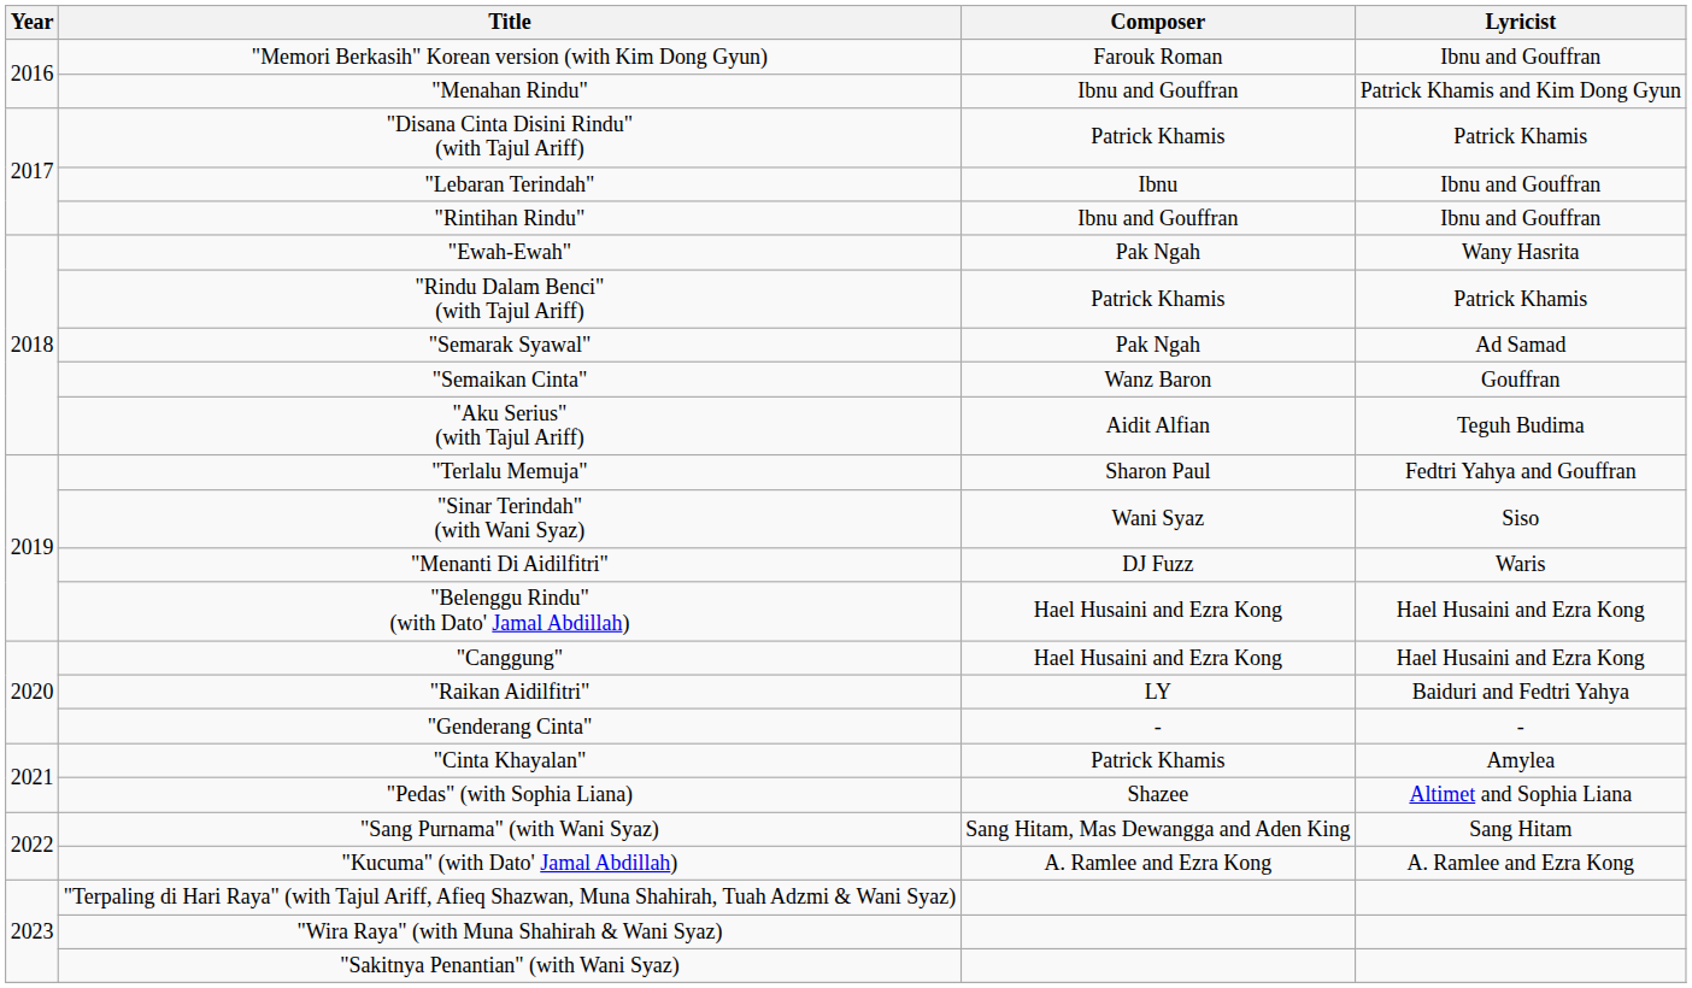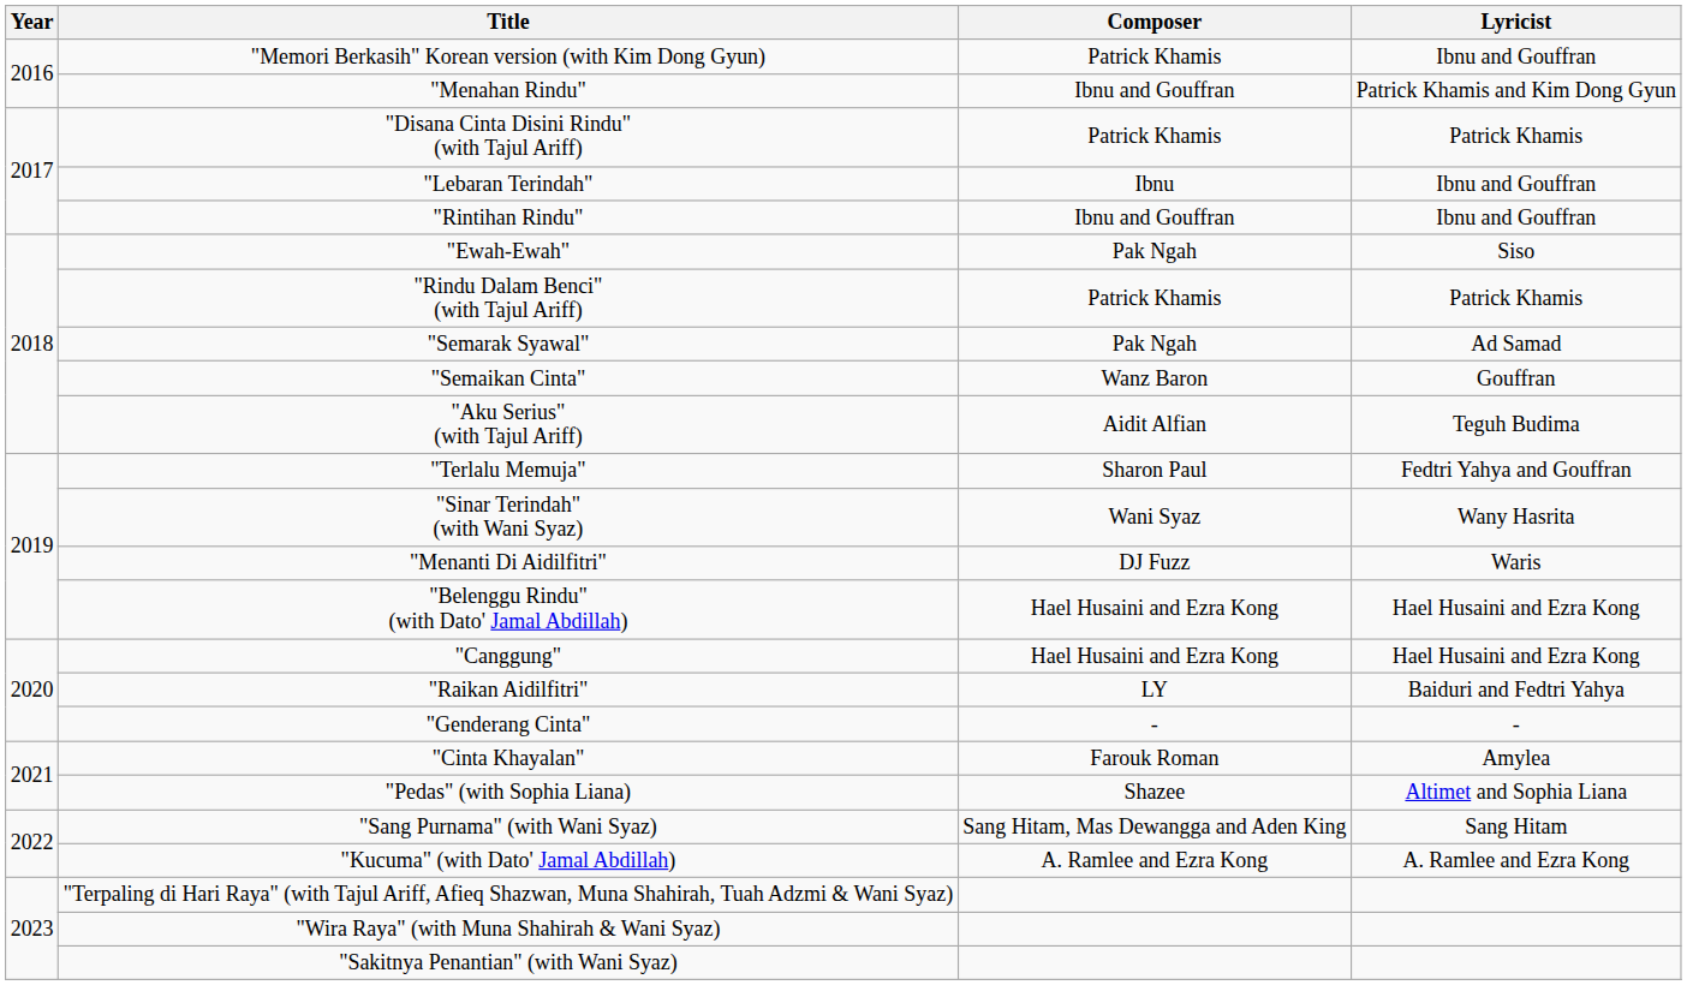 <table class="wikitable plainrowheaders" style="text-align:center;">
 <tr>
 <th>Year</th>
 <th>Title</th>
 <th>Composer</th>
 <th>Lyricist</th>
 </tr>
 <tr>
 <td rowspan="2">2016</td>
 <td>"Memori Berkasih" Korean version (with Kim Dong Gyun)</td>
-<td>Farouk Roman</td>
+<td>Patrick Khamis</td>
 <td>Ibnu and Gouffran</td>
 </tr>
 <tr>
 <td>"Menahan Rindu"</td>
 <td>Ibnu and Gouffran</td>
 <td>Patrick Khamis and Kim Dong Gyun</td>
 </tr>
 <tr>
 <td rowspan="3">2017</td>
 <td>"Disana Cinta Disini Rindu"<br>(with Tajul Ariff)</td>
 <td>Patrick Khamis</td>
 <td>Patrick Khamis</td>
 </tr>
 <tr>
 <td>"Lebaran Terindah"</td>
 <td>Ibnu</td>
 <td>Ibnu and Gouffran</td>
 </tr>
 <tr>
 <td>"Rintihan Rindu"</td>
 <td>Ibnu and Gouffran</td>
 <td>Ibnu and Gouffran</td>
 </tr>
 <tr>
 <td rowspan="5">2018</td>
 <td>"Ewah-Ewah"</td>
 <td>Pak Ngah</td>
-<td>Wany Hasrita</td>
+<td>Siso</td>
 </tr>
 <tr>
 <td>"Rindu Dalam Benci"<br>(with Tajul Ariff)</td>
 <td>Patrick Khamis</td>
 <td>Patrick Khamis</td>
 </tr>
 <tr>
 <td>"Semarak Syawal"</td>
 <td>Pak Ngah</td>
 <td>Ad Samad</td>
 </tr>
 <tr>
 <td>"Semaikan Cinta"</td>
 <td>Wanz Baron</td>
 <td>Gouffran</td>
 </tr>
 <tr>
 <td>"Aku Serius"<br>(with Tajul Ariff)</td>
 <td>Aidit Alfian</td>
 <td>Teguh Budima</td>
 </tr>
 <tr>
 <td rowspan="4">2019</td>
 <td>"Terlalu Memuja"</td>
 <td>Sharon Paul</td>
 <td>Fedtri Yahya and Gouffran</td>
 </tr>
 <tr>
 <td>"Sinar Terindah"<br>(with Wani Syaz)</td>
 <td>Wani Syaz</td>
-<td>Siso</td>
+<td>Wany Hasrita</td>
 </tr>
 <tr>
 <td>"Menanti Di Aidilfitri"</td>
 <td>DJ Fuzz</td>
 <td>Waris</td>
 </tr>
 <tr>
 <td>"Belenggu Rindu"<br>(with Dato' <a href='#'>Jamal Abdillah</a>)</td>
 <td>Hael Husaini and Ezra Kong</td>
 <td>Hael Husaini and Ezra Kong</td>
 </tr>
 <tr>
 <td rowspan="3">2020</td>
 <td>"Canggung"</td>
 <td>Hael Husaini and Ezra Kong</td>
 <td>Hael Husaini and Ezra Kong</td>
 </tr>
 <tr>
 <td>"Raikan Aidilfitri"</td>
 <td>LY</td>
 <td>Baiduri and Fedtri Yahya</td>
 </tr>
 <tr>
 <td>"Genderang Cinta"</td>
 <td>-</td>
 <td>-</td>
 </tr>
 <tr>
 <td rowspan="2">2021</td>
 <td>"Cinta Khayalan"</td>
-<td>Patrick Khamis</td>
+<td>Farouk Roman</td>
 <td>Amylea</td>
 </tr>
 <tr>
 <td>"Pedas" (with Sophia Liana)</td>
 <td>Shazee</td>
 <td><a href='#'>Altimet</a> and Sophia Liana</td>
 </tr>
 <tr>
 <td rowspan="2">2022</td>
 <td>"Sang Purnama" (with Wani Syaz)</td>
 <td>Sang Hitam, Mas Dewangga and Aden King</td>
 <td>Sang Hitam</td>
 </tr>
 <tr>
 <td>"Kucuma" (with Dato' <a href='#'>Jamal Abdillah</a>)</td>
 <td>A. Ramlee and Ezra Kong</td>
 <td>A. Ramlee and Ezra Kong</td>
 </tr>
 <tr>
 <td rowspan="3">2023</td>
 <td>"Terpaling di Hari Raya" (with Tajul Ariff, Afieq Shazwan, Muna Shahirah, Tuah Adzmi & Wani Syaz)</td>
 <td></td>
 <td></td>
 </tr>
 <tr>
 <td>"Wira Raya" (with Muna Shahirah & Wani Syaz)</td>
 <td></td>
 <td></td>
 </tr>
 <tr>
 <td>"Sakitnya Penantian" (with Wani Syaz)</td>
 <td></td>
 <td></td>
 </tr>
 <tr>
 </tr>
 </table>
